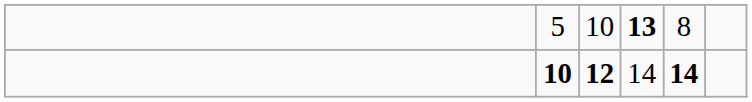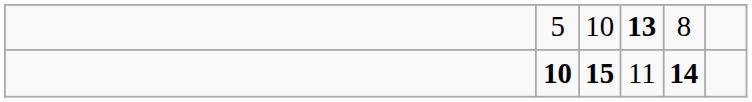 <table class="wikitable">
 <tr>
 <td style="width:18em"></td>
 <td align=center style="width:1em">5</td>
 <td align=center style="width:1em">10</td>
 <td align=center style="width:1em"><strong>13</strong></td>
 <td align=center style="width:1em">8</td>
 <td align=center style="width:1em"></td>
 </tr>
 <tr>
 <td style="width:18em"><strong></strong></td>
 <td align=center style="width:1em"><strong>10</strong></td>
-<td align=center style="width:1em"><strong>12</strong></td>
-<td align=center style="width:1em">14</td>
+<td align=center style="width:1em"><strong>15</strong></td>
+<td align=center style="width:1em">11</td>
 <td align=center style="width:1em"><strong>14</strong></td>
 <td align=center style="width:1em"></td>
 </tr>
 </table>
